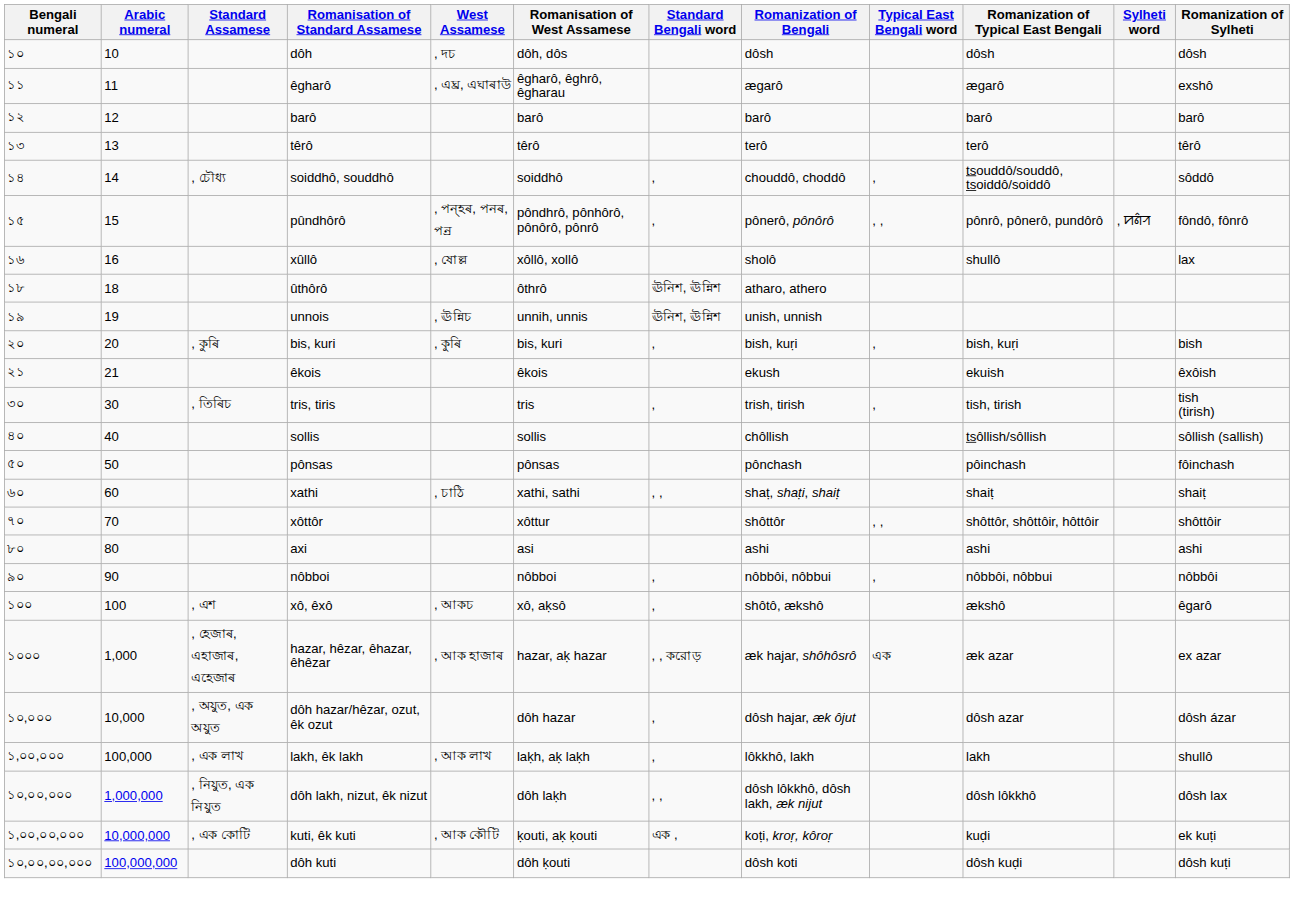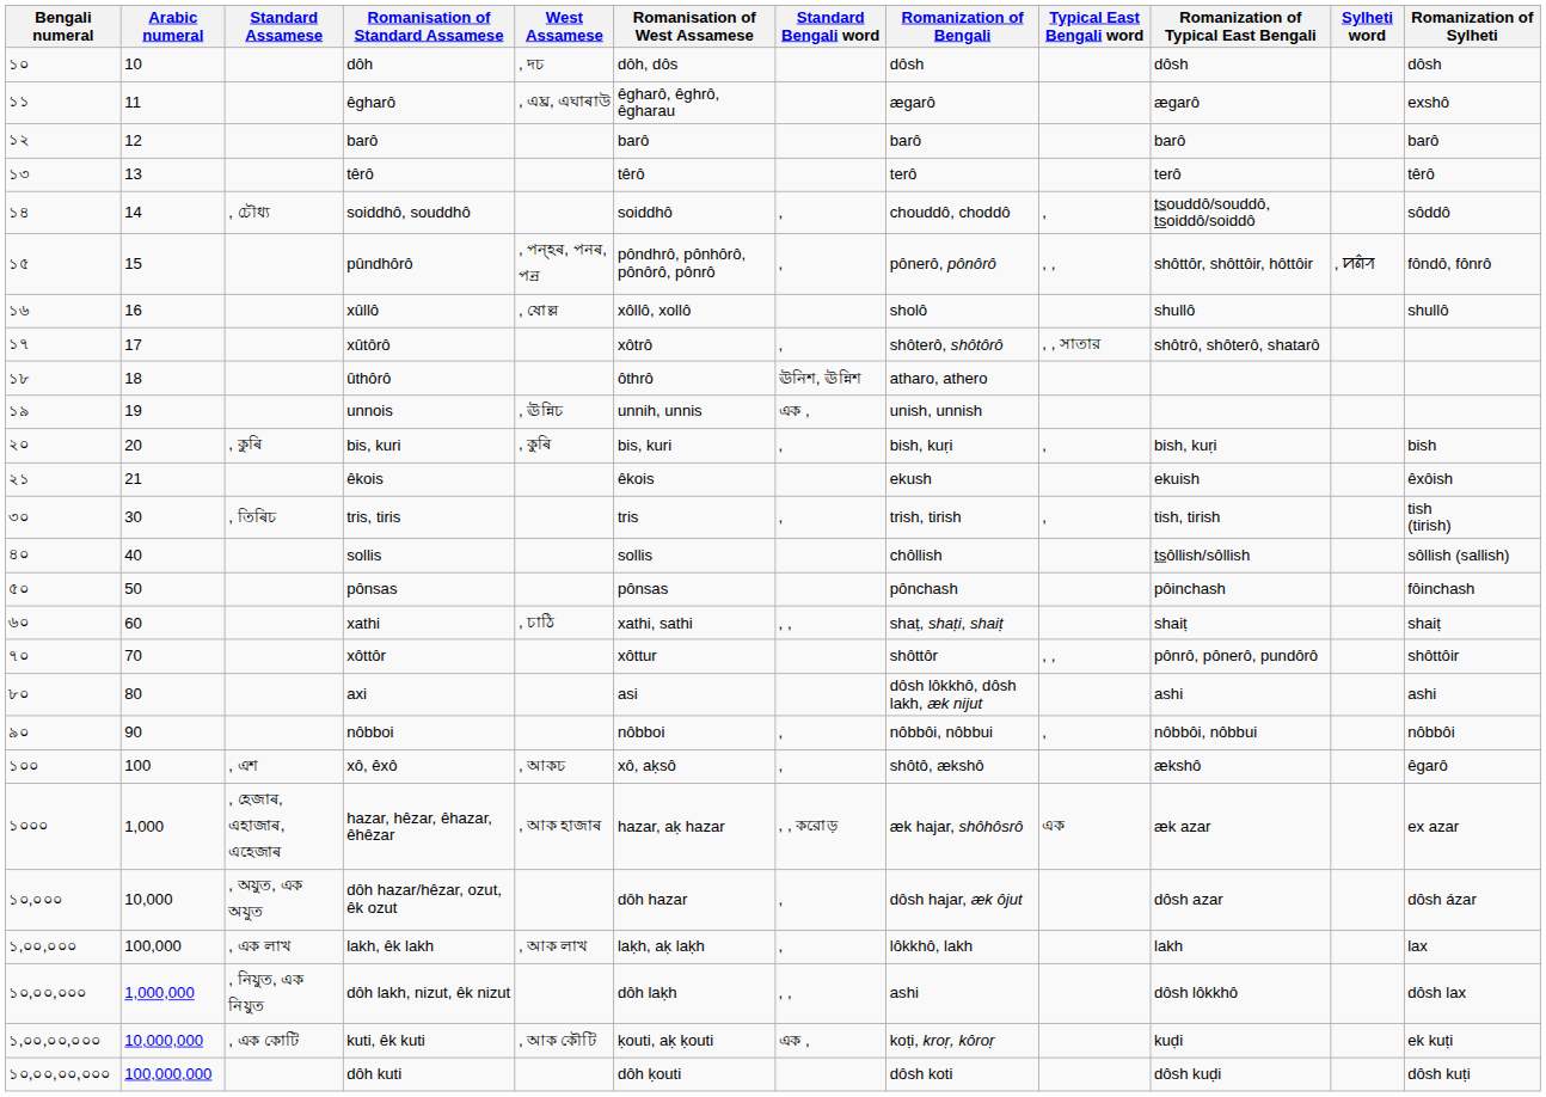 <table class=wikitable style="text-align:left;">
 <tr>
 <th>Bengali numeral</th>
 <th><a href='#'>Arabic numeral</a></th>
 <th><a href='#'>Standard Assamese</a></th>
 <th><a href='#'>Romanisation of Standard Assamese</a></th>
 <th><a href='#'>West Assamese</a></th>
 <th>Romanisation of West Assamese</th>
 <th><a href='#'>Standard Bengali</a> word</th>
 <th><a href='#'>Romanization of Bengali</a></th>
 <th><a href='#'>Typical East Bengali</a> word</th>
 <th>Romanization of Typical East Bengali</th>
 <th><a href='#'>Sylheti</a> word</th>
 <th>Romanization of Sylheti</th>
 </tr>
 <tr>
 <td>১০</td>
 <td style="text-align:left;">10</td>
 <td></td>
 <td>dôh</td>
 <td>, দচ</td>
 <td>dôh, dôs</td>
 <td></td>
 <td>dôsh</td>
 <td></td>
 <td>dôsh</td>
 <td></td>
 <td>dôsh</td>
 </tr>
 <tr>
 <td>১১</td>
 <td style="text-align:left;">11</td>
 <td></td>
 <td>êgharô</td>
 <td>, এঘ্ৰ, এঘাৰাউ</td>
 <td>êgharô, êghrô, êgharau</td>
 <td></td>
 <td>ægarô</td>
 <td></td>
 <td>ægarô</td>
 <td></td>
 <td>exshô</td>
 </tr>
 <tr>
 <td>১২</td>
 <td style="text-align:left;">12</td>
 <td></td>
 <td>barô</td>
 <td></td>
 <td>barô</td>
 <td></td>
 <td>barô</td>
 <td></td>
 <td>barô</td>
 <td></td>
 <td>barô</td>
 </tr>
 <tr>
 <td>১৩</td>
 <td style="text-align:left;">13</td>
 <td></td>
 <td>têrô</td>
 <td></td>
 <td>têrô</td>
 <td></td>
 <td>terô</td>
 <td></td>
 <td>terô</td>
 <td></td>
 <td>têrô</td>
 </tr>
 <tr>
 <td>১৪</td>
 <td style="text-align:left;text-color:yellow;">14</td>
 <td>, চৌধ্য</td>
 <td>soiddhô, souddhô</td>
 <td></td>
 <td>soiddhô</td>
 <td>, </td>
 <td>chouddô, choddô</td>
 <td>, </td>
 <td><u>ts</u>ouddô/souddô, <u>ts</u>oiddô/soiddô</td>
 <td></td>
 <td>sôddô</td>
 </tr>
 <tr>
 <td>১৫</td>
 <td style="text-align:left;text-color:yellow;">15</td>
 <td></td>
 <td>pûndhôrô</td>
 <td>, পন্হৰ, পনৰ, পন্ৰ</td>
 <td>pôndhrô, pônhôrô, pônôrô, pônrô</td>
 <td>, <em></em></td>
 <td>pônerô, <em>pônôrô</em></td>
 <td>, , </td>
-<td>pônrô, pônerô, pundôrô</td>
+<td>shôttôr, shôttôir, hôttôir</td>
 <td>, ꠙꠘ꠆ꠞ</td>
 <td>fôndô, fônrô</td>
 </tr>
 <tr>
 <td>১৬</td>
 <td style="text-align:left;text-color:yellow;">16</td>
 <td></td>
 <td>xûllô</td>
 <td>, ষোল্ল</td>
 <td>xôllô, xollô</td>
 <td></td>
 <td>sholô</td>
 <td></td>
 <td>shullô</td>
 <td></td>
-<td>lax</td>
+<td>shullô</td>
+</tr>
+<tr>
+<td>১৭</td>
+<td>17</td>
+<td></td>
+<td>xûtôrô</td>
+<td></td>
+<td>xôtrô</td>
+<td>, <em></em></td>
+<td>shôterô, <em>shôtôrô</em></td>
+<td>, , সাতার</td>
+<td>shôtrô, shôterô, shatarô</td>
+<td></td>
+<td></td>
 </tr>
 <tr>
 <td>১৮</td>
 <td>18</td>
 <td></td>
 <td>ûthôrô</td>
 <td></td>
 <td>ôthrô</td>
 <td>ঊনিশ,  ঊন্নিশ</td>
 <td>atharo, athero</td>
 <td></td>
 <td></td>
 <td></td>
 <td></td>
 </tr>
 <tr>
 <td>১৯</td>
 <td>19</td>
 <td></td>
 <td>unnois</td>
 <td>, ঊন্নিচ</td>
 <td>unnih, unnis</td>
-<td>ঊনিশ,  ঊন্নিশ</td>
+<td>এক , <em></em></td>
 <td>unish, unnish</td>
 <td></td>
 <td></td>
 <td></td>
 <td></td>
 </tr>
 <tr>
 <td>২০</td>
 <td style="text-align:left;">20</td>
 <td>, কুৰি</td>
 <td>bis, kuri</td>
 <td>, কুৰি</td>
 <td>bis, kuri</td>
 <td>, </td>
 <td>bish, kuṛi</td>
 <td>, </td>
 <td>bish, kuṛi</td>
 <td></td>
 <td>bish</td>
 </tr>
 <tr>
 <td>২১</td>
 <td style="text-align:left;">21</td>
 <td></td>
 <td>êkois</td>
 <td></td>
 <td>êkois</td>
 <td></td>
 <td>ekush</td>
 <td></td>
 <td>ekuish</td>
 <td></td>
 <td>êxôish</td>
 </tr>
 <tr>
 <td>৩০</td>
 <td style="text-align:left;">30</td>
 <td>, তিৰিচ</td>
 <td>tris, tiris</td>
 <td></td>
 <td>tris</td>
 <td>, </td>
 <td>trish, tirish</td>
 <td>, </td>
 <td>tish, tirish</td>
 <td></td>
 <td>tish<br>(tirish)</td>
 </tr>
 <tr>
 <td>৪০</td>
 <td style="text-align:left;">40</td>
 <td></td>
 <td>sollis</td>
 <td></td>
 <td>sollis</td>
 <td></td>
 <td>chôllish</td>
 <td></td>
 <td><u>ts</u>ôllish/sôllish</td>
 <td></td>
 <td>sôllish (sallish)</td>
 </tr>
 <tr>
 <td>৫০</td>
 <td style="text-align:left;">50</td>
 <td></td>
 <td>pônsas</td>
 <td></td>
 <td>pônsas</td>
 <td></td>
 <td>pônchash</td>
 <td></td>
 <td>pôinchash</td>
 <td></td>
 <td>fôinchash</td>
 </tr>
 <tr>
 <td>৬০</td>
 <td style="text-align:left;">60</td>
 <td></td>
 <td>xathi</td>
 <td>, চাঠি</td>
 <td>xathi, sathi</td>
 <td>, <em></em>, <em></em></td>
 <td>shaṭ, <em>shaṭi</em>, <em>shaiṭ</em></td>
 <td></td>
 <td>shaiṭ</td>
 <td></td>
 <td>shaiṭ</td>
 </tr>
 <tr>
 <td>৭০</td>
 <td style="text-align:left;">70</td>
 <td></td>
 <td>xôttôr</td>
 <td></td>
 <td>xôttur</td>
 <td></td>
 <td>shôttôr</td>
 <td>, , </td>
-<td>shôttôr, shôttôir, hôttôir</td>
+<td>pônrô, pônerô, pundôrô</td>
 <td></td>
 <td>shôttôir</td>
 </tr>
 <tr>
 <td>৮০</td>
 <td style="text-align:left;">80</td>
 <td></td>
 <td>axi</td>
 <td></td>
 <td>asi</td>
 <td></td>
-<td>ashi</td>
+<td>dôsh lôkkhô, dôsh lakh, <em>æk nijut</em></td>
 <td></td>
 <td>ashi</td>
 <td></td>
 <td>ashi</td>
 </tr>
 <tr>
 <td>৯০</td>
 <td style="text-align:left;">90</td>
 <td></td>
 <td>nôbboi</td>
 <td></td>
 <td>nôbboi</td>
 <td>, </td>
 <td>nôbbôi, nôbbui</td>
 <td>, </td>
 <td>nôbbôi, nôbbui</td>
 <td></td>
 <td>nôbbôi</td>
 </tr>
 <tr>
 <td>১০০</td>
 <td style="text-align:left;">100</td>
 <td>, এশ</td>
 <td>xô, êxô</td>
 <td>, আকচ</td>
 <td>xô, aḳsô</td>
 <td>, </td>
 <td>shôtô, ækshô</td>
 <td></td>
 <td>ækshô</td>
 <td></td>
 <td>êgarô</td>
 </tr>
 <tr>
 <td>১০০০</td>
 <td style="text-align:left;">1,000</td>
 <td>, হেজাৰ, এহাজাৰ, এহেজাৰ</td>
 <td>hazar, hêzar, êhazar, êhêzar</td>
 <td>, আক হাজাৰ</td>
 <td>hazar, aḳ hazar</td>
 <td>, <em></em>,  করোড়  </td>
 <td>æk hajar, <em>shôhôsrô</em></td>
 <td>এক </td>
 <td>æk azar</td>
 <td></td>
 <td>ex azar</td>
 </tr>
 <tr>
 <td>১০,০০০</td>
 <td style="text-align:left;">10,000</td>
 <td>, অযুত, এক অযুত</td>
 <td>dôh hazar/hêzar, ozut, êk ozut</td>
 <td></td>
 <td>dôh hazar</td>
 <td>, <em></em></td>
 <td>dôsh hajar, <em>æk ôjut</em></td>
 <td></td>
 <td>dôsh azar</td>
 <td></td>
 <td>dôsh ázar</td>
 </tr>
 <tr>
 <td>১,০০,০০০</td>
 <td style="text-align:left;">100,000</td>
 <td>, এক লাখ</td>
 <td>lakh, êk lakh</td>
 <td>, আক লাখ</td>
 <td>laḳh, aḳ laḳh</td>
 <td>, </td>
 <td>lôkkhô, lakh</td>
 <td></td>
 <td>lakh</td>
 <td></td>
-<td>shullô</td>
+<td>lax</td>
 </tr>
 <tr>
 <td>১০,০০,০০০</td>
 <td style="text-align:left;"><a href='#'>1,000,000</a></td>
 <td>, নিযুত, এক নিযুত</td>
 <td>dôh lakh, nizut, êk nizut</td>
 <td></td>
 <td>dôh laḳh</td>
 <td>, , <em></em></td>
-<td>dôsh lôkkhô, dôsh lakh, <em>æk nijut</em></td>
+<td>ashi</td>
 <td></td>
 <td>dôsh lôkkhô</td>
 <td></td>
 <td>dôsh lax</td>
 </tr>
 <tr>
 <td>১,০০,০০,০০০</td>
 <td style="text-align:left;"><a href='#'>10,000,000</a></td>
 <td>, এক কোটি</td>
 <td>kuti, êk kuti</td>
 <td>, আক কৌটি</td>
 <td>ḳouti, aḳ ḳouti</td>
 <td>এক , <em></em></td>
 <td>koṭi, <em>kroṛ, kôroṛ</em></td>
 <td></td>
 <td>kuḍi</td>
 <td></td>
 <td>ek kuṭi</td>
 </tr>
 <tr>
 <td>১০,০০,০০,০০০</td>
 <td style="text-align:left;"><a href='#'>100,000,000</a></td>
 <td></td>
 <td>dôh kuti</td>
 <td></td>
 <td>dôh ḳouti</td>
 <td></td>
 <td>dôsh koti</td>
 <td></td>
 <td>dôsh kuḍi</td>
 <td></td>
 <td>dôsh kuṭi</td>
 </tr>
 </table>
